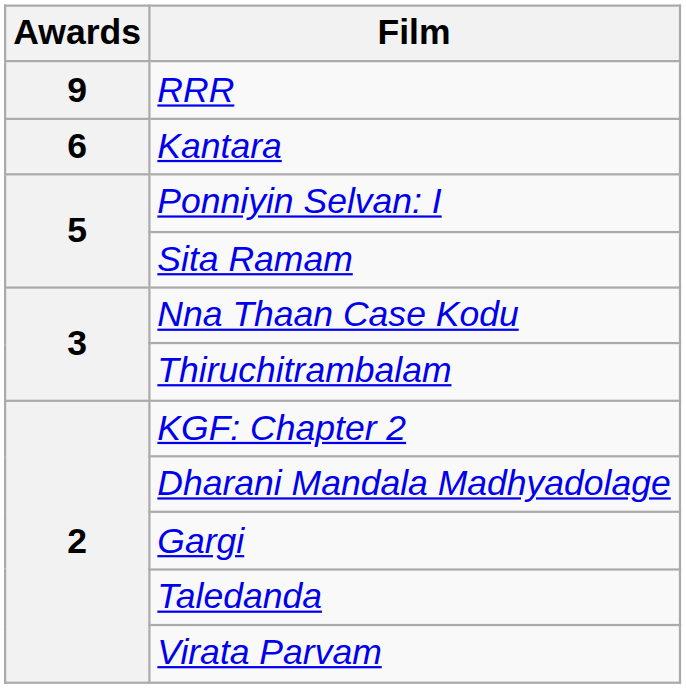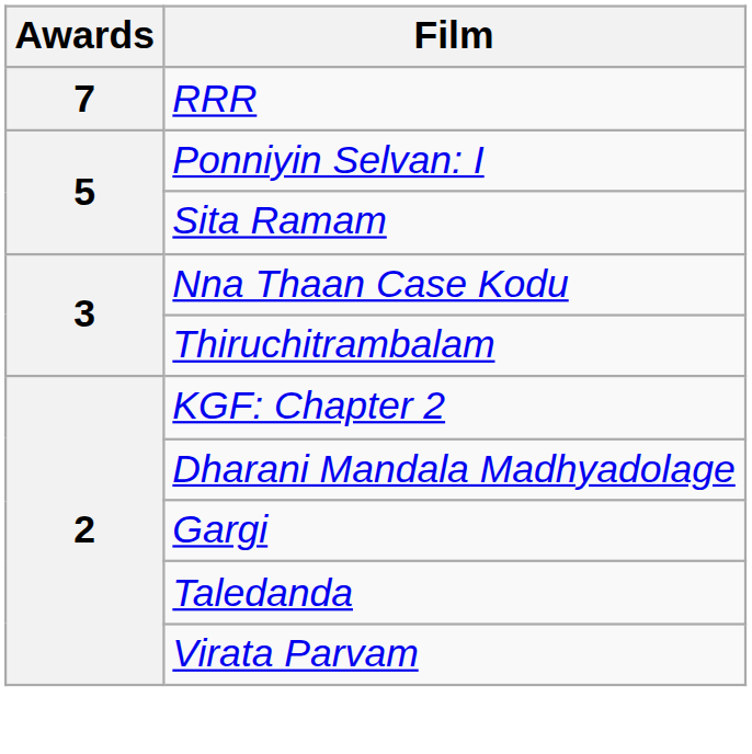 <table class="wikitable" style="display:inline-table;">
 <tr>
 <th>Awards</th>
 <th>Film</th>
 </tr>
 <tr>
-<th>9</th>
+<th>7</th>
 <td><em><a href='#'>RRR</a></em></td>
-</tr>
-<tr>
-<th>6</th>
-<td><a href='#'><em>Kantara</em></a></td>
 </tr>
 <tr>
 <th rowspan="2">5</th>
 <td><em><a href='#'>Ponniyin Selvan: I</a></em></td>
 </tr>
 <tr>
 <td><em><a href='#'>Sita Ramam</a></em></td>
 </tr>
 <tr>
 <th rowspan="2">3</th>
 <td><em><a href='#'>Nna Thaan Case Kodu</a></em></td>
 </tr>
 <tr>
 <td><em><a href='#'>Thiruchitrambalam</a></em></td>
 </tr>
 <tr>
 <th rowspan="5">2</th>
 <td><em><a href='#'>KGF: Chapter 2</a></em></td>
 </tr>
 <tr>
 <td><a href='#'><em>Dharani Mandala Madhyadolage</em></a></td>
 </tr>
 <tr>
 <td><a href='#'><em>Gargi</em></a></td>
 </tr>
 <tr>
 <td><a href='#'><em>Taledanda</em></a></td>
 </tr>
 <tr>
 <td><em><a href='#'>Virata Parvam</a></em></td>
 </tr>
 </table>
